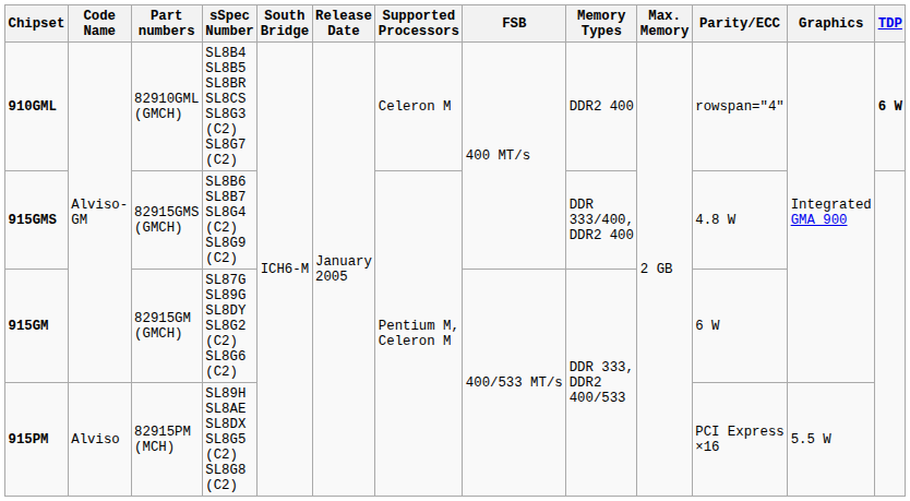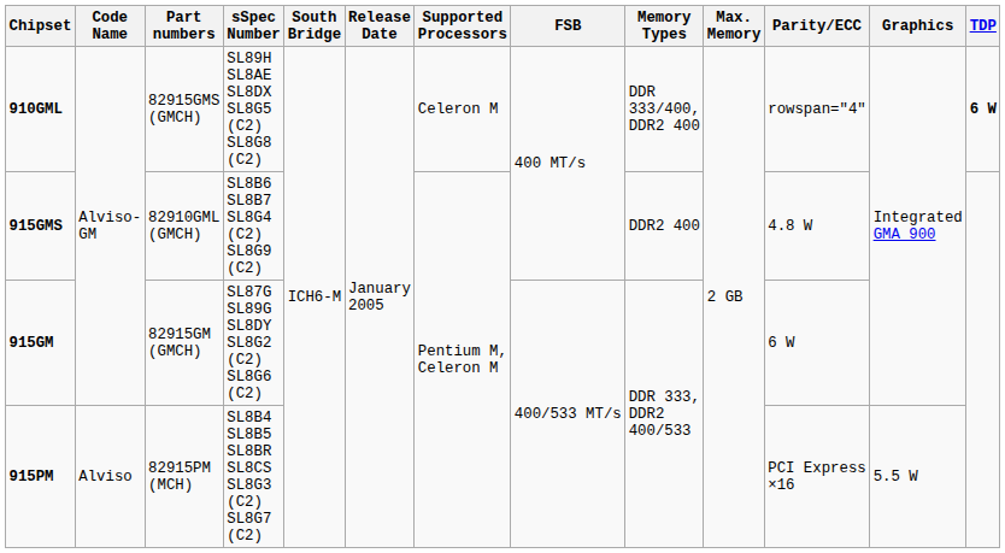 <table class="wikitable" style="font-size: 95%;">
 <tr>
 <th>Chipset</th>
 <th>Code Name</th>
 <th>Part numbers</th>
 <th>sSpec Number</th>
 <th>South Bridge</th>
 <th>Release Date</th>
 <th>Supported Processors</th>
 <th>FSB</th>
 <th>Memory Types</th>
 <th>Max. Memory</th>
 <th>Parity/ECC</th>
 <th>Graphics</th>
 <th><a href='#'>TDP</a></th>
 </tr>
 <tr>
 <td><strong>910GML</strong></td>
 <td rowspan="3">Alviso-GM</td>
-<td>82910GML (GMCH)</td>
-<td>SL8B4<br>SL8B5<br>SL8BR<br>SL8CS<br>SL8G3 (C2)<br>SL8G7 (C2)</td>
+<td>82915GMS (GMCH)</td>
+<td>SL89H<br>SL8AE<br>SL8DX<br>SL8G5 (C2)<br>SL8G8 (C2)</td>
 <td rowspan="4">ICH6-M</td>
 <td rowspan="4">January 2005</td>
 <td>Celeron M</td>
 <td rowspan="2">400 MT/s</td>
-<td>DDR2 400</td>
+<td>DDR 333/400, DDR2 400</td>
 <td rowspan="4">2 GB</td>
 <td>rowspan="4" </td>
 <td rowspan="3">Integrated <a href='#'>GMA 900</a></td>
 <td><strong>6 W</strong></td>
 </tr>
 <tr>
 <td><strong>915GMS</strong></td>
-<td>82915GMS (GMCH)</td>
+<td>82910GML (GMCH)</td>
 <td>SL8B6<br>SL8B7<br>SL8G4 (C2)<br>SL8G9 (C2)</td>
 <td rowspan="3">Pentium M, Celeron M</td>
-<td>DDR 333/400, DDR2 400</td>
+<td>DDR2 400</td>
 <td>4.8 W</td>
 </tr>
 <tr>
 <td><strong>915GM</strong></td>
 <td>82915GM (GMCH)</td>
 <td>SL87G<br>SL89G<br>SL8DY<br>SL8G2 (C2)<br>SL8G6 (C2)</td>
 <td rowspan="2">400/533 MT/s</td>
 <td rowspan="2">DDR 333, DDR2 400/533</td>
 <td>6 W</td>
 </tr>
 <tr>
 <td><strong>915PM</strong></td>
 <td>Alviso</td>
 <td>82915PM (MCH)</td>
-<td>SL89H<br>SL8AE<br>SL8DX<br>SL8G5 (C2)<br>SL8G8 (C2)</td>
+<td>SL8B4<br>SL8B5<br>SL8BR<br>SL8CS<br>SL8G3 (C2)<br>SL8G7 (C2)</td>
 <td>PCI Express ×16</td>
 <td>5.5 W</td>
 </tr>
 </table>
